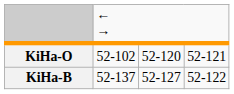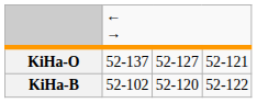 <table class="wikitable">
 <tr>
 <td style="background-color:#ccc; width:6em;"> </td>
 <td colspan="6"><div>← </div><div> →</div></td>
 </tr>
 <tr style="border-top:solid 5px #ff9900;">
 <th>KiHa-O</th>
-<td>52-102</td>
-<td>52-120</td>
+<td>52-137</td>
+<td>52-127</td>
 <td>52-121</td>
 </tr>
 <tr>
 <th>KiHa-B</th>
-<td>52-137</td>
-<td>52-127</td>
+<td>52-102</td>
+<td>52-120</td>
 <td>52-122</td>
 </tr>
 </table>
